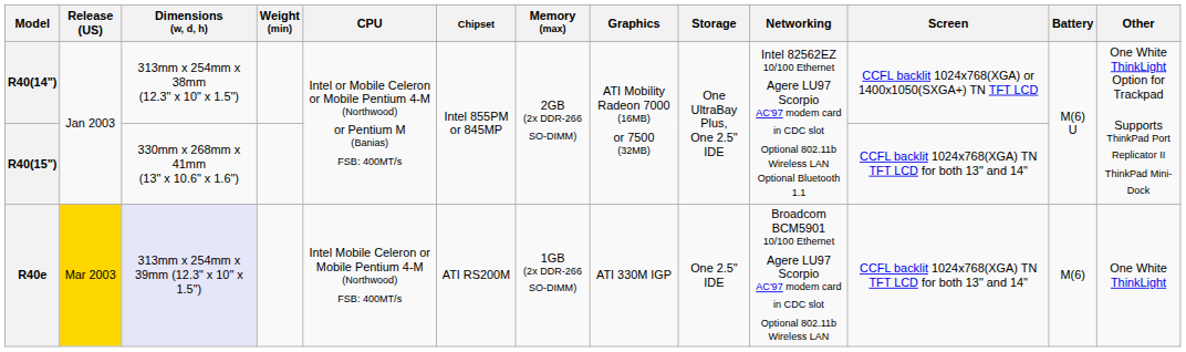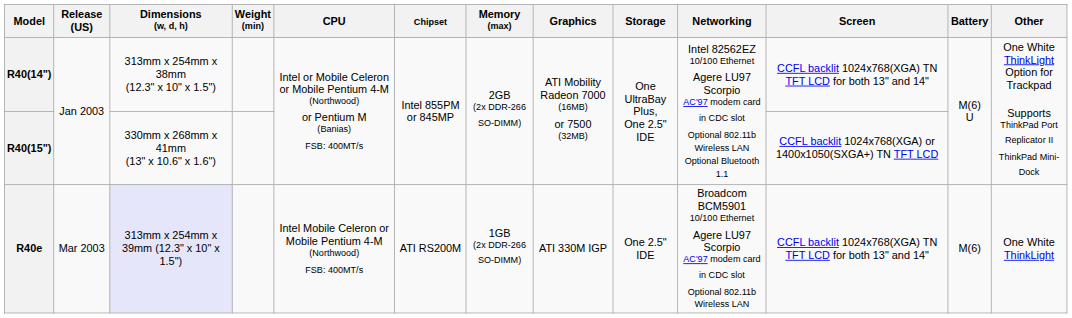 <table class="wikitable" style="font-size: 80%; minwidth: 100%; text-align: center;">
 <tr>
 <th>Model</th>
 <th>Release (US)</th>
 <th>Dimensions <br><sup>(w, d, h)</sup></th>
 <th>Weight <br><sup>(min)</sup></th>
 <th>CPU</th>
 <th><small>Chipset</small></th>
 <th>Memory <sup>(max)</sup></th>
 <th>Graphics</th>
 <th>Storage</th>
 <th>Networking</th>
 <th>Screen</th>
 <th>Battery</th>
 <th>Other</th>
 </tr>
 <tr>
 <th>R40(14")</th>
 <td rowspan="2">Jan 2003</td>
 <td>313mm x 254mm x 38mm<br>(12.3" x 10" x 1.5")</td>
 <td></td>
 <td rowspan="2" style="background:">Intel or Mobile Celeron or Mobile Pentium 4-M <br><sup>(Northwood)</sup> <br>or Pentium M <br><sup>(Banias)</sup> <br><small>FSB: 400MT/s</small></td>
 <td rowspan="2">Intel 855PM or 845MP</td>
 <td rowspan="2" style="background:">2GB <br><sup>(2x DDR-266 SO-DIMM)</sup></td>
 <td rowspan="2" style="background:">ATI Mobility Radeon 7000 <br><sup>(16MB)</sup><br> or 7500 <br><sup>(32MB)</sup></td>
 <td rowspan="2" style="background:">One UltraBay Plus, <br>One 2.5" IDE</td>
 <td rowspan="2">Intel 82562EZ <br><sup>10/100 Ethernet</sup> <br>Agere LU97 Scorpio <br><sup><a href='#'>AC'97</a> modem card in CDC slot </sup> <br><small>Optional 802.11b Wireless LAN <br>Optional Bluetooth 1.1</small></td>
-<td style="background:"><a href='#'>CCFL backlit</a> 1024x768(XGA) or 1400x1050(SXGA+) TN <a href='#'>TFT LCD</a></td>
+<td style="background:"><a href='#'>CCFL backlit</a> 1024x768(XGA) TN <a href='#'>TFT LCD</a> for both 13" and 14"</td>
 <td rowspan="2" style="background:">M(6) <br> U</td>
 <td rowspan="2">One White <a href='#'>ThinkLight</a> <br>Option for Trackpad <br><br>Supports <sup><br>ThinkPad Port Replicator II<br>ThinkPad Mini-Dock</sup></td>
 </tr>
 <tr>
 <th>R40(15")</th>
 <td>330mm x 268mm x 41mm<br>(13" x 10.6" x 1.6")</td>
 <td></td>
-<td style="background:"><a href='#'>CCFL backlit</a> 1024x768(XGA) TN <a href='#'>TFT LCD</a> for both 13" and 14"</td>
+<td style="background:"><a href='#'>CCFL backlit</a> 1024x768(XGA) or 1400x1050(SXGA+) TN <a href='#'>TFT LCD</a></td>
 </tr>
 <tr>
 <th>R40e</th>
-<td style="background: gold;">Mar 2003 </td>
+<td>Mar 2003 </td>
 <td style="background: lavender;">313mm x 254mm x 39mm (12.3" x 10" x 1.5")</td>
 <td></td>
 <td style="background:">Intel Mobile Celeron or Mobile Pentium 4-M <br><sup>(Northwood)</sup> <br><small>FSB: 400MT/s</small></td>
 <td>ATI RS200M</td>
 <td style="background:">1GB <br><sup>(2x DDR-266 SO-DIMM)</sup></td>
 <td style="background:">ATI 330M IGP</td>
 <td style="background:">One 2.5" IDE</td>
 <td>Broadcom BCM5901 <br><sup>10/100 Ethernet</sup> <br>Agere LU97 Scorpio <br><sup><a href='#'>AC'97</a> modem card in CDC slot </sup> <br><small>Optional 802.11b Wireless LAN</small></td>
 <td style="background:"><a href='#'>CCFL backlit</a> 1024x768(XGA) TN <a href='#'>TFT LCD</a> for both 13" and 14"</td>
 <td style="background:">M(6)</td>
 <td>One White <a href='#'>ThinkLight</a></td>
 </tr>
 </table>
